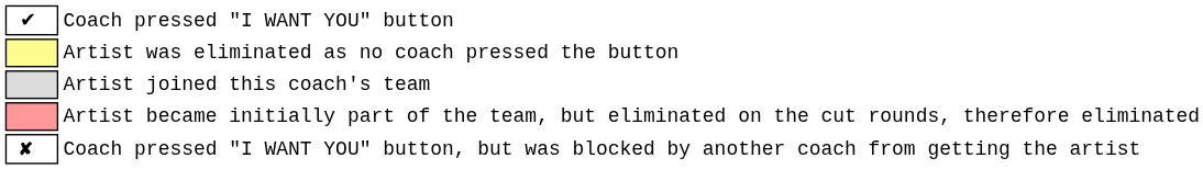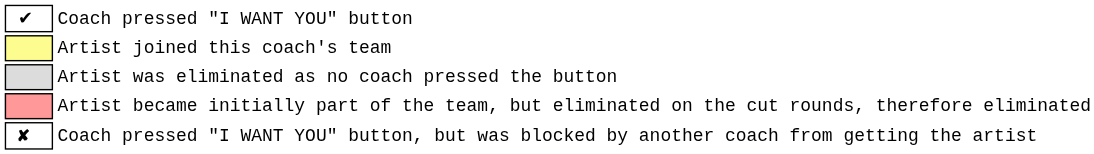 <table class="toccolours" style="font-size: 100%">
 <tr>
 <td style="background:white; border:1px solid black"> ✔ </td>
 <td>Coach pressed "I WANT YOU" button</td>
 </tr>
 <tr>
 <td style="background:#fdfc8f; border:1px solid black">    </td>
-<td>Artist was eliminated as no coach pressed the button</td>
+<td>Artist joined this coach's team</td>
 </tr>
 <tr>
 <td style="background:#dcdcdc; border:1px solid black">    </td>
-<td>Artist joined this coach's team</td>
+<td>Artist was eliminated as no coach pressed the button</td>
 </tr>
 <tr>
 <td style="background:#ff9999; border:1px solid black">    </td>
 <td>Artist became initially part of the team, but eliminated on the cut rounds, therefore eliminated</td>
 </tr>
 <tr>
 <td style="background:white; border:1px solid black"> <strong>✘</strong> </td>
 <td>Coach pressed "I WANT YOU" button, but was blocked by another coach from getting the artist</td>
 </tr>
 <tr>
 <td></td>
 <td><br></td>
 </tr>
 <tr>
 </tr>
 </table>
